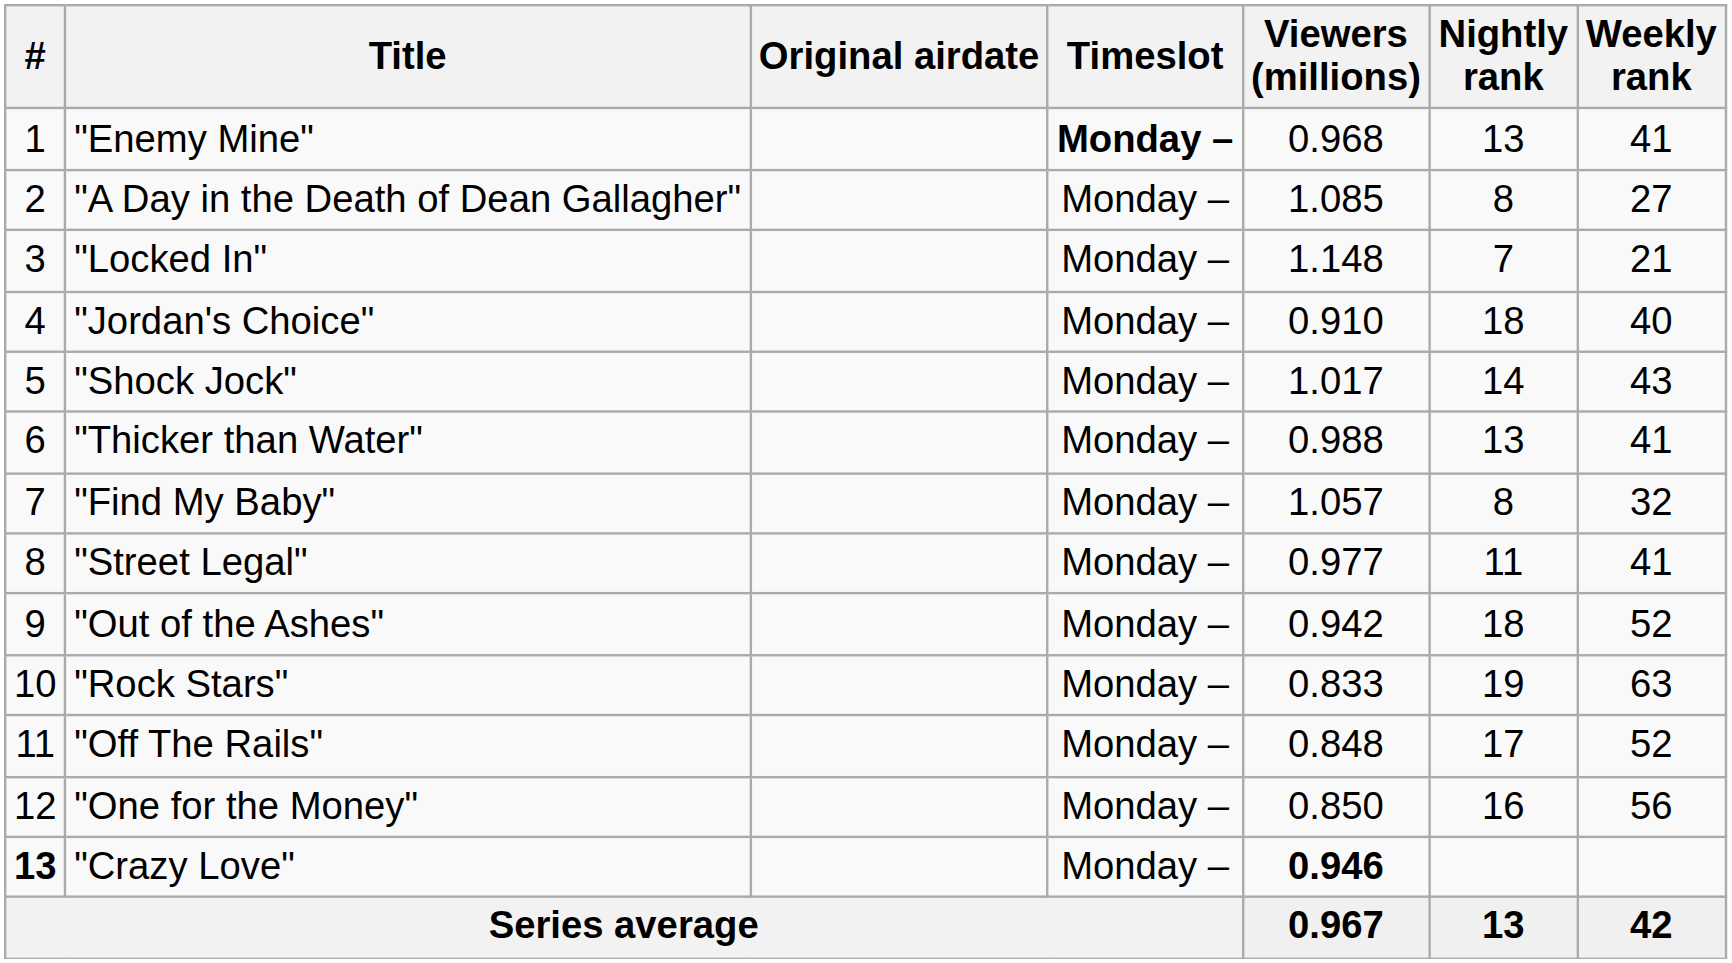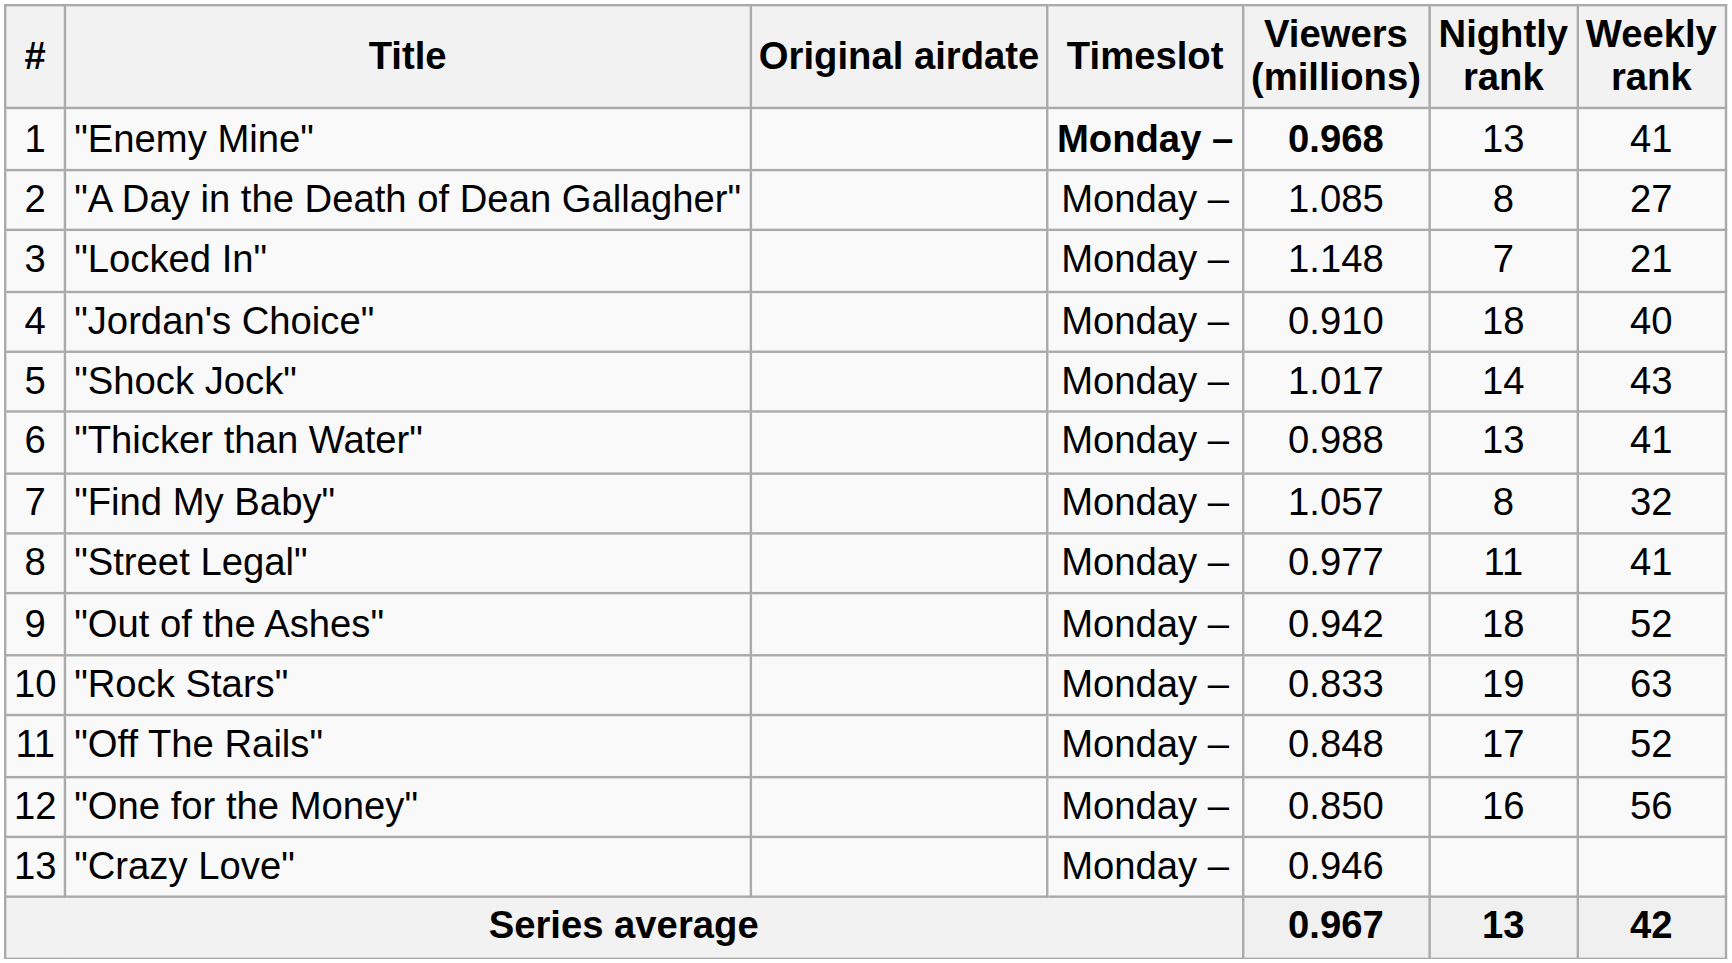 <table class="wikitable sortable" style="text-align:center">
 <tr>
 <th>#</th>
 <th>Title</th>
 <th>Original airdate</th>
 <th>Timeslot</th>
 <th>Viewers<br>(millions)</th>
 <th>Nightly<br>rank</th>
 <th>Weekly<br>rank</th>
 </tr>
 <tr>
 <td>1</td>
 <td style="text-align:left">"Enemy Mine"</td>
 <td></td>
 <td><strong>Monday –</strong></td>
-<td>0.968</td>
+<td><strong>0.968</strong></td>
 <td>13</td>
 <td>41</td>
 </tr>
 <tr>
 <td>2</td>
 <td style="text-align:left">"A Day in the Death of Dean Gallagher"</td>
 <td></td>
 <td>Monday –</td>
 <td>1.085</td>
 <td>8</td>
 <td>27</td>
 </tr>
 <tr>
 <td>3</td>
 <td style="text-align:left">"Locked In"</td>
 <td></td>
 <td>Monday –</td>
 <td>1.148</td>
 <td>7</td>
 <td>21</td>
 </tr>
 <tr>
 <td>4</td>
 <td style="text-align:left">"Jordan's Choice"</td>
 <td></td>
 <td>Monday –</td>
 <td>0.910</td>
 <td>18</td>
 <td>40</td>
 </tr>
 <tr>
 <td>5</td>
 <td style="text-align:left">"Shock Jock"</td>
 <td></td>
 <td>Monday –</td>
 <td>1.017</td>
 <td>14</td>
 <td>43</td>
 </tr>
 <tr>
 <td>6</td>
 <td style="text-align:left">"Thicker than Water"</td>
 <td></td>
 <td>Monday –</td>
 <td>0.988</td>
 <td>13</td>
 <td>41</td>
 </tr>
 <tr>
 <td>7</td>
 <td style="text-align:left">"Find My Baby"</td>
 <td></td>
 <td>Monday –</td>
 <td>1.057</td>
 <td>8</td>
 <td>32</td>
 </tr>
 <tr>
 <td>8</td>
 <td style="text-align:left">"Street Legal"</td>
 <td></td>
 <td>Monday –</td>
 <td>0.977</td>
 <td>11</td>
 <td>41</td>
 </tr>
 <tr>
 <td>9</td>
 <td style="text-align:left">"Out of the Ashes"</td>
 <td></td>
 <td>Monday –</td>
 <td>0.942</td>
 <td>18</td>
 <td>52</td>
 </tr>
 <tr>
 <td>10</td>
 <td style="text-align:left">"Rock Stars"</td>
 <td></td>
 <td>Monday –</td>
 <td>0.833</td>
 <td>19</td>
 <td>63</td>
 </tr>
 <tr>
 <td>11</td>
 <td style="text-align:left">"Off The Rails"</td>
 <td></td>
 <td>Monday –</td>
 <td>0.848</td>
 <td>17</td>
 <td>52</td>
 </tr>
 <tr>
 <td>12</td>
 <td style="text-align:left">"One for the Money"</td>
 <td></td>
 <td>Monday –</td>
 <td>0.850</td>
 <td>16</td>
 <td>56</td>
 </tr>
 <tr>
-<td><strong>13</strong></td>
+<td>13</td>
 <td style="text-align:left">"Crazy Love"</td>
 <td></td>
 <td>Monday –</td>
-<td><strong>0.946</strong></td>
+<td>0.946</td>
 <td></td>
 <td></td>
 </tr>
 <tr class="sortbottom" style="font-weight:bold; background:#f0f0f0">
 <th colspan=4>Series average</th>
 <td>0.967</td>
 <td>13</td>
 <td>42</td>
 </tr>
 </table>
